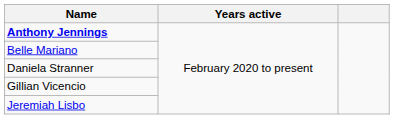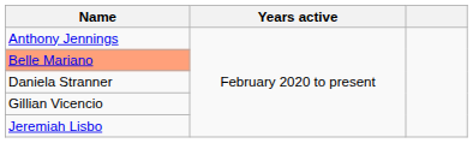 <table class="wikitable" style="font-size:90%">
 <tr>
 <th scope="col" width="30%">Name</th>
 <th scope="col" width="35%">Years active</th>
 <th scope="col" width="10%"></th>
 </tr>
 <tr>
-<td><strong><a href='#'>Anthony Jennings</a></strong></td>
+<td><a href='#'>Anthony Jennings</a></td>
 <td align="center" rowspan="6">February 2020 to present</td>
 <td align="center" rowspan="6"></td>
 </tr>
 <tr>
-<td><a href='#'>Belle Mariano</a></td>
+<td style="background: lightsalmon;"><a href='#'>Belle Mariano</a></td>
 </tr>
 <tr>
 <td>Daniela Stranner</td>
 </tr>
 <tr>
 <td>Gillian Vicencio</td>
 </tr>
 <tr>
 <td><a href='#'>Jeremiah Lisbo</a></td>
 </tr>
 </table>
